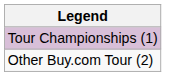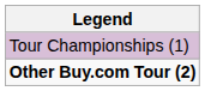 <table class="wikitable" style="font-size:95%;">
 <tr>
 <th>Legend</th>
 </tr>
 <tr style="background:thistle;">
 <td>Tour Championships (1)</td>
 </tr>
 <tr>
-<td>Other Buy.com Tour (2)</td>
+<td><strong>Other Buy.com Tour (2)</strong></td>
 </tr>
 </table>
